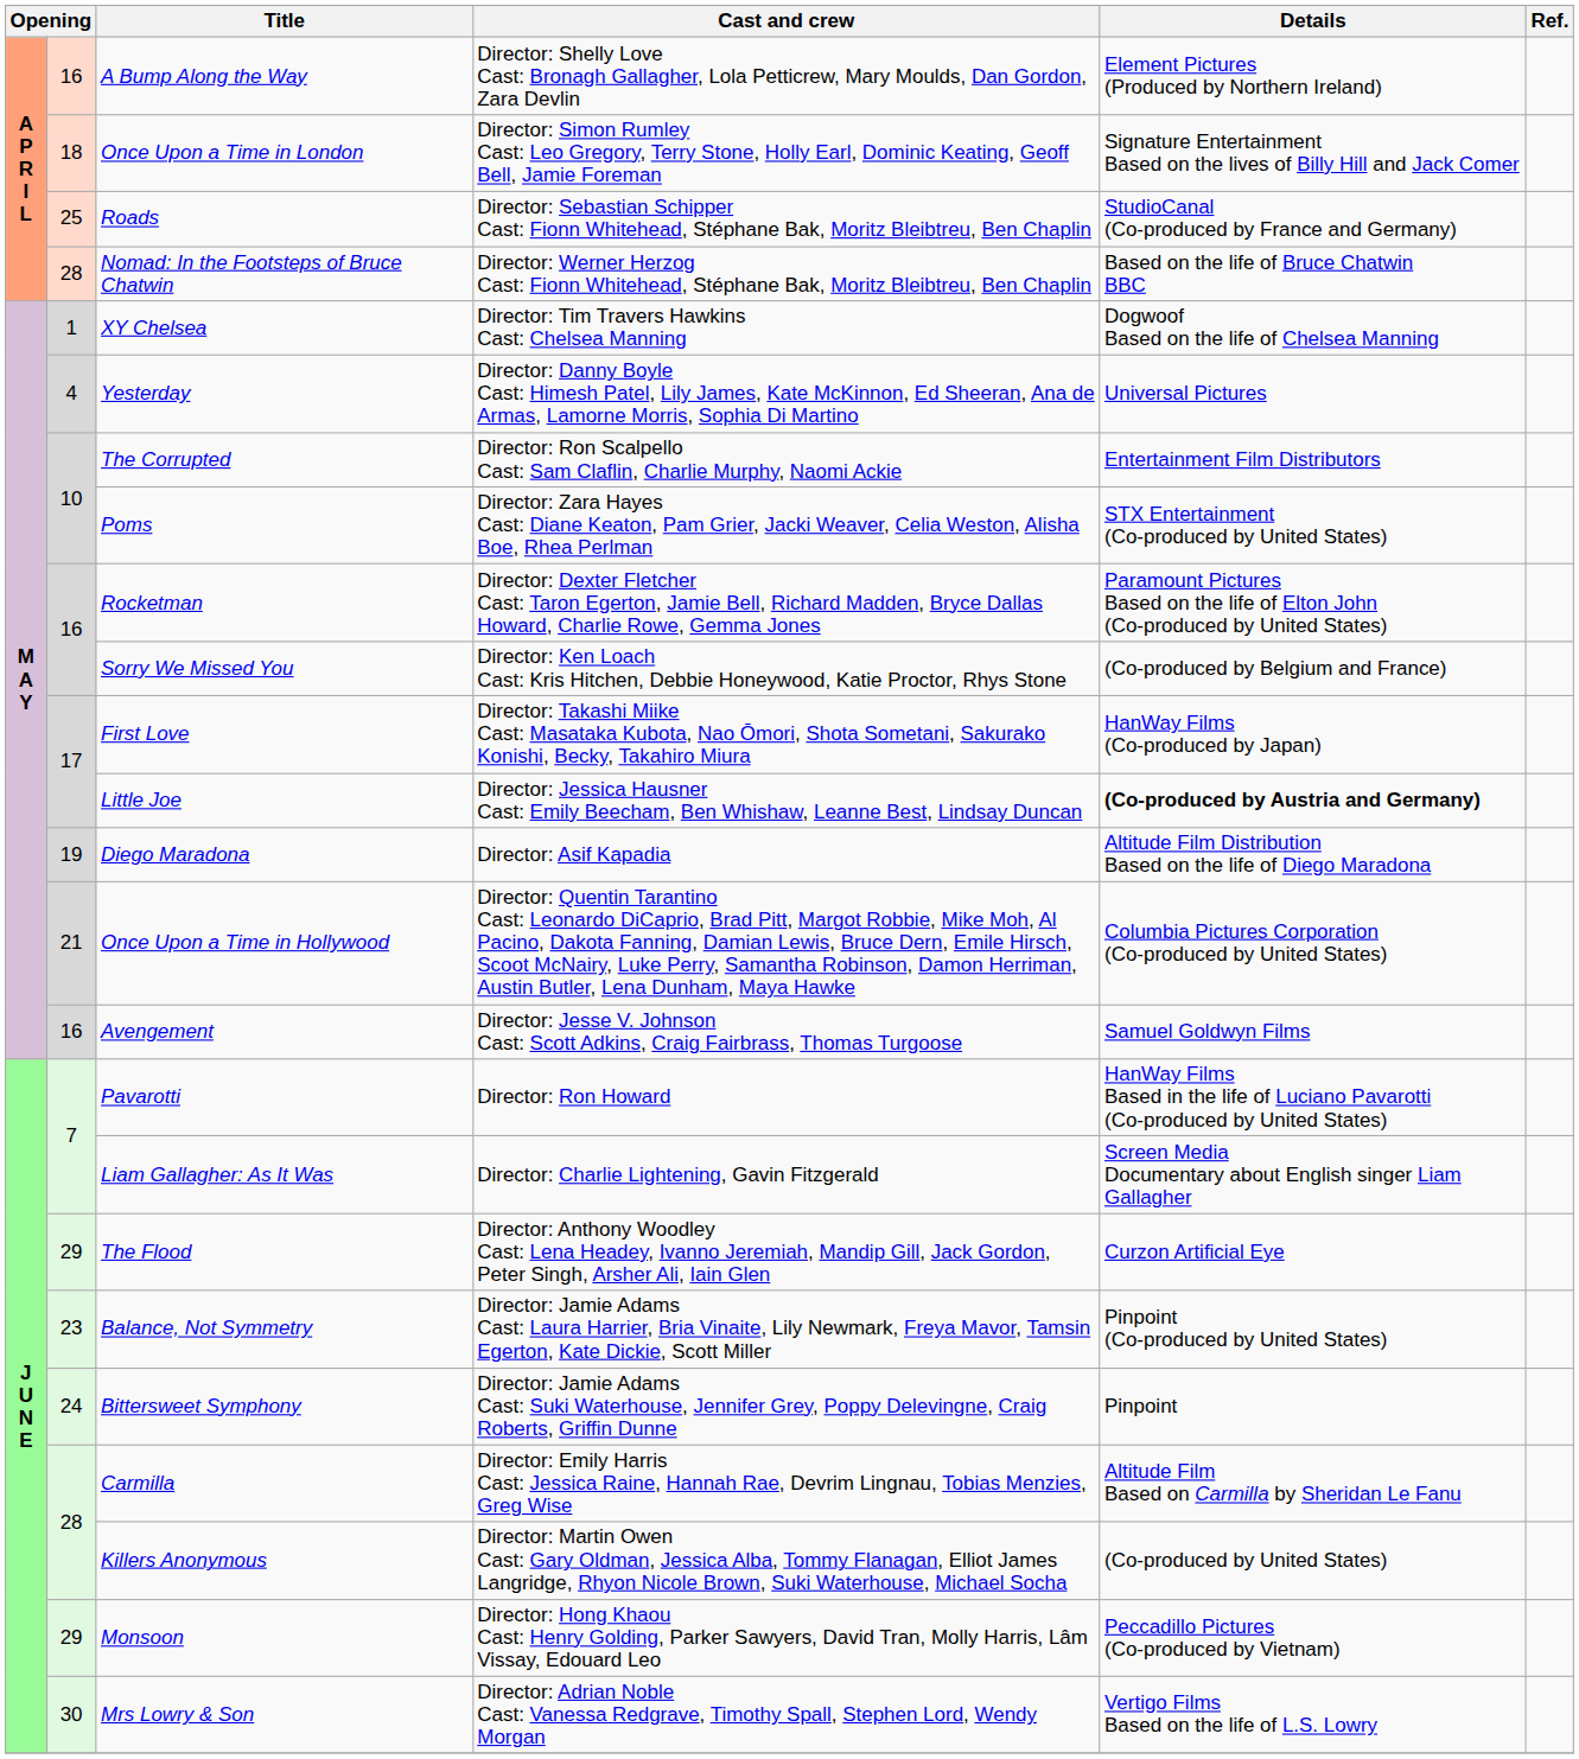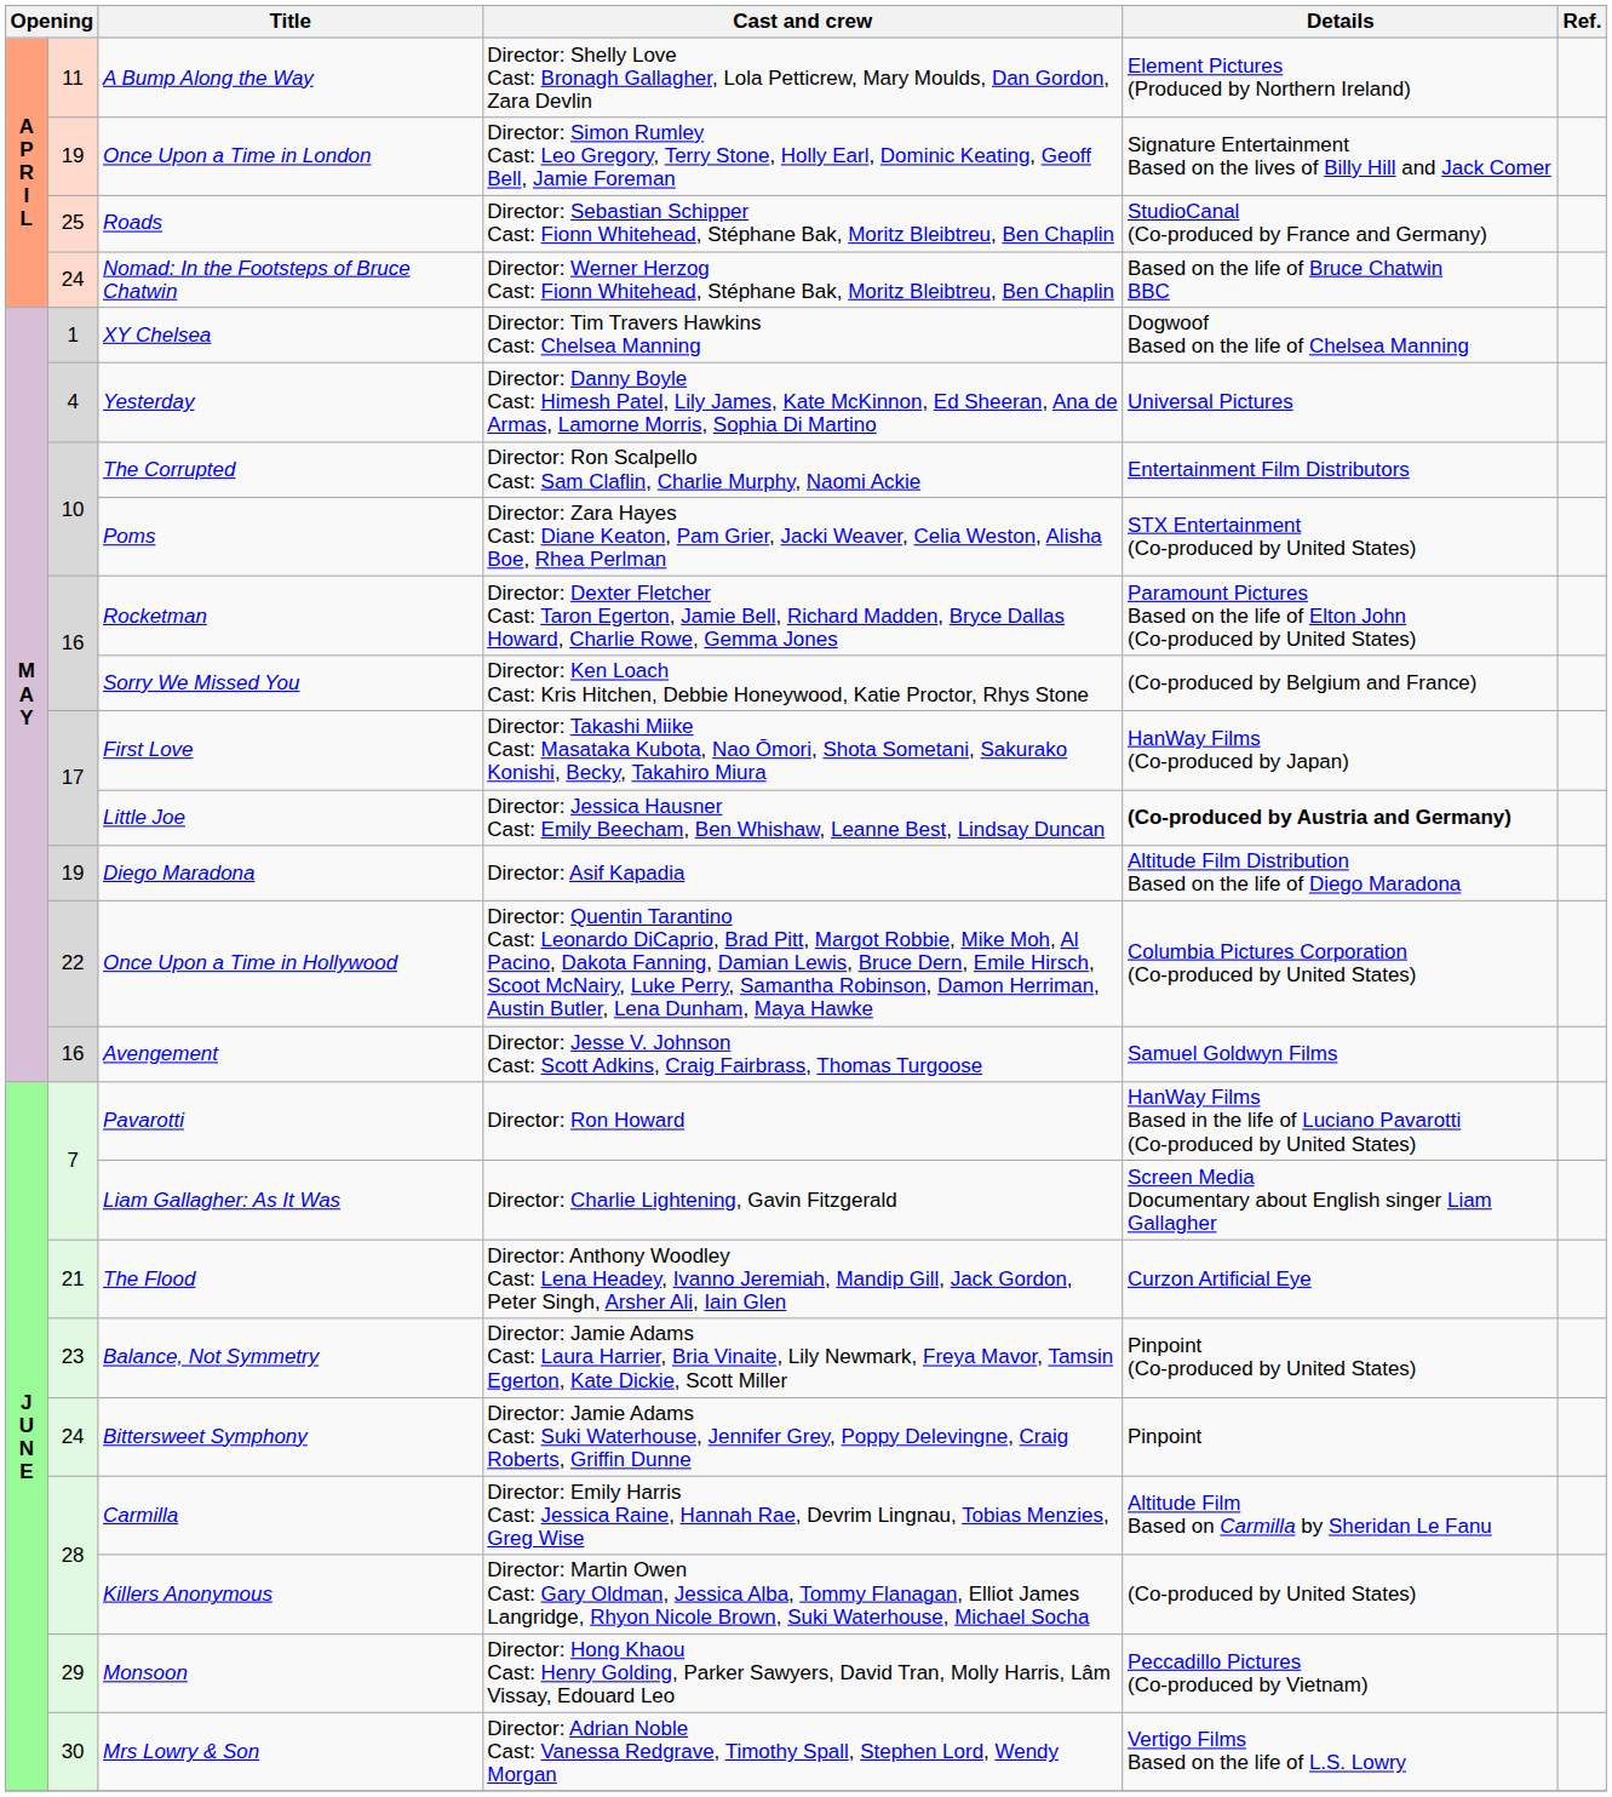 <table class="wikitable">
 <tr style="background:#b0e0e6; text-align:center;">
 <th colspan="2">Opening</th>
 <th style="width:24%;">Title</th>
 <th style="width:40%;">Cast and crew</th>
 <th>Details</th>
 <th style="width:2%;">Ref.</th>
 </tr>
 <tr>
 <th rowspan="4" style="text-align:center; background:#ffa07a; textcolor:#000;">A<br>P<br>R<br>I<br>L</th>
-<td style="text-align:center; background:#ffdacc;">16</td>
+<td style="text-align:center; background:#ffdacc;">11</td>
 <td><em><a href='#'>A Bump Along the Way</a></em></td>
 <td>Director: Shelly Love <br> Cast: <a href='#'>Bronagh Gallagher</a>, Lola Petticrew, Mary Moulds, <a href='#'>Dan Gordon</a>, Zara Devlin</td>
 <td><a href='#'>Element Pictures</a> <br> (Produced by Northern Ireland)</td>
 <td></td>
 </tr>
 <tr>
-<td style="text-align:center; background:#ffdacc;">18</td>
+<td style="text-align:center; background:#ffdacc;">19</td>
 <td><em><a href='#'>Once Upon a Time in London</a></em></td>
 <td>Director: <a href='#'>Simon Rumley</a> <br> Cast: <a href='#'>Leo Gregory</a>, <a href='#'>Terry Stone</a>, <a href='#'>Holly Earl</a>, <a href='#'>Dominic Keating</a>, <a href='#'>Geoff Bell</a>, <a href='#'>Jamie Foreman</a></td>
 <td>Signature Entertainment <br> Based on the lives of <a href='#'>Billy Hill</a> and <a href='#'>Jack Comer</a></td>
 <td style="text-align:center"></td>
 </tr>
 <tr>
 <td style="text-align:center; background:#ffdacc;">25</td>
 <td><em><a href='#'>Roads</a></em></td>
 <td>Director: <a href='#'>Sebastian Schipper</a> <br> Cast: <a href='#'>Fionn Whitehead</a>, Stéphane Bak, <a href='#'>Moritz Bleibtreu</a>, <a href='#'>Ben Chaplin</a></td>
 <td><a href='#'>StudioCanal</a> <br> (Co-produced by France and Germany)</td>
 <td style="text-align:center"></td>
 </tr>
 <tr>
-<td style="text-align:center; background:#ffdacc;">28</td>
+<td style="text-align:center; background:#ffdacc;">24</td>
 <td><em><a href='#'>Nomad: In the Footsteps of Bruce Chatwin</a></em></td>
 <td>Director: <a href='#'>Werner Herzog</a> <br> Cast: <a href='#'>Fionn Whitehead</a>, Stéphane Bak, <a href='#'>Moritz Bleibtreu</a>, <a href='#'>Ben Chaplin</a></td>
 <td>Based on the life of <a href='#'>Bruce Chatwin</a> <br> <a href='#'>BBC</a></td>
 <td style="text-align:center"></td>
 </tr>
 <tr>
 <th rowspan="11" style="text-align:center; background:thistle; textcolor:#000;">M<br>A<br>Y</th>
 <td style="text-align:center; background:#d8d8d8;">1</td>
 <td><em><a href='#'>XY Chelsea</a></em></td>
 <td>Director: Tim Travers Hawkins <br> Cast: <a href='#'>Chelsea Manning</a></td>
 <td>Dogwoof <br> Based on the life of <a href='#'>Chelsea Manning</a></td>
 <td style="text-align:center"></td>
 </tr>
 <tr>
 <td style="text-align:center; background:#d8d8d8;">4</td>
 <td><em><a href='#'>Yesterday</a></em></td>
 <td>Director: <a href='#'>Danny Boyle</a> <br> Cast: <a href='#'>Himesh Patel</a>, <a href='#'>Lily James</a>, <a href='#'>Kate McKinnon</a>, <a href='#'>Ed Sheeran</a>, <a href='#'>Ana de Armas</a>, <a href='#'>Lamorne Morris</a>, <a href='#'>Sophia Di Martino</a></td>
 <td><a href='#'>Universal Pictures</a></td>
 <td style="text-align:center"></td>
 </tr>
 <tr>
 <td rowspan="2" style="text-align:center; background:#d8d8d8;">10</td>
 <td><em><a href='#'>The Corrupted</a></em></td>
 <td>Director: Ron Scalpello <br> Cast: <a href='#'>Sam Claflin</a>, <a href='#'>Charlie Murphy</a>, <a href='#'>Naomi Ackie</a></td>
 <td><a href='#'>Entertainment Film Distributors</a></td>
 <td style="text-align:center"></td>
 </tr>
 <tr>
 <td><em><a href='#'>Poms</a></em></td>
 <td>Director: Zara Hayes <br> Cast: <a href='#'>Diane Keaton</a>, <a href='#'>Pam Grier</a>, <a href='#'>Jacki Weaver</a>, <a href='#'>Celia Weston</a>, <a href='#'>Alisha Boe</a>, <a href='#'>Rhea Perlman</a></td>
 <td><a href='#'>STX Entertainment</a> <br> (Co-produced by United States)</td>
 <td style="text-align:center"></td>
 </tr>
 <tr>
 <td rowspan="2" style="text-align:center; background:#d8d8d8;">16</td>
 <td><em><a href='#'>Rocketman</a></em></td>
 <td>Director: <a href='#'>Dexter Fletcher</a> <br> Cast: <a href='#'>Taron Egerton</a>, <a href='#'>Jamie Bell</a>, <a href='#'>Richard Madden</a>, <a href='#'>Bryce Dallas Howard</a>, <a href='#'>Charlie Rowe</a>, <a href='#'>Gemma Jones</a></td>
 <td><a href='#'>Paramount Pictures</a> <br> Based on the life of <a href='#'>Elton John</a> <br> (Co-produced by United States)</td>
 <td style="text-align:center"></td>
 </tr>
 <tr>
 <td><em><a href='#'>Sorry We Missed You</a></em></td>
 <td>Director: <a href='#'>Ken Loach</a> <br> Cast: Kris Hitchen, Debbie Honeywood, Katie Proctor, Rhys Stone</td>
 <td>(Co-produced by Belgium and France)</td>
 <td style="text-align:center"></td>
 </tr>
 <tr>
 <td rowspan="2" style="text-align:center; background:#d8d8d8;">17</td>
 <td><em><a href='#'>First Love</a></em></td>
 <td>Director: <a href='#'>Takashi Miike</a> <br> Cast: <a href='#'>Masataka Kubota</a>, <a href='#'>Nao Ōmori</a>, <a href='#'>Shota Sometani</a>, <a href='#'>Sakurako Konishi</a>, <a href='#'>Becky</a>, <a href='#'>Takahiro Miura</a></td>
 <td><a href='#'>HanWay Films</a> <br> (Co-produced by Japan)</td>
 <td style="text-align:center"></td>
 </tr>
 <tr>
 <td><em><a href='#'>Little Joe</a></em></td>
 <td>Director: <a href='#'>Jessica Hausner</a> <br> Cast: <a href='#'>Emily Beecham</a>, <a href='#'>Ben Whishaw</a>, <a href='#'>Leanne Best</a>, <a href='#'>Lindsay Duncan</a></td>
 <td><strong>(Co-produced by Austria and Germany)</strong></td>
 <td style="text-align:center"></td>
 </tr>
 <tr>
 <td style="text-align:center; background:#d8d8d8;">19</td>
 <td><em><a href='#'>Diego Maradona</a></em></td>
 <td>Director: <a href='#'>Asif Kapadia</a></td>
 <td><a href='#'>Altitude Film Distribution</a> <br> Based on the life of <a href='#'>Diego Maradona</a></td>
 <td style="text-align:center"></td>
 </tr>
 <tr>
-<td style="text-align:center; background:#d8d8d8;">21</td>
+<td style="text-align:center; background:#d8d8d8;">22</td>
 <td><em><a href='#'>Once Upon a Time in Hollywood</a></em></td>
 <td>Director: <a href='#'>Quentin Tarantino</a> <br> Cast: <a href='#'>Leonardo DiCaprio</a>, <a href='#'>Brad Pitt</a>, <a href='#'>Margot Robbie</a>, <a href='#'>Mike Moh</a>, <a href='#'>Al Pacino</a>, <a href='#'>Dakota Fanning</a>, <a href='#'>Damian Lewis</a>, <a href='#'>Bruce Dern</a>, <a href='#'>Emile Hirsch</a>, <a href='#'>Scoot McNairy</a>, <a href='#'>Luke Perry</a>, <a href='#'>Samantha Robinson</a>, <a href='#'>Damon Herriman</a>, <a href='#'>Austin Butler</a>, <a href='#'>Lena Dunham</a>, <a href='#'>Maya Hawke</a></td>
 <td><a href='#'>Columbia Pictures Corporation</a> <br> (Co-produced by United States)</td>
 <td style="text-align:center"></td>
 </tr>
 <tr>
 <td style="text-align:center; background:#d8d8d8;">16</td>
 <td><em><a href='#'>Avengement</a></em></td>
 <td>Director: <a href='#'>Jesse V. Johnson</a> <br> Cast: <a href='#'>Scott Adkins</a>, <a href='#'>Craig Fairbrass</a>, <a href='#'>Thomas Turgoose</a></td>
 <td><a href='#'>Samuel Goldwyn Films</a></td>
 <td style="text-align:center"></td>
 </tr>
 <tr>
 <th rowspan="9" style="text-align:center; background:#98fb98; textcolor:#000;">J<br>U<br>N<br>E</th>
 <td style="text-align:center; background:#e0f9e0;" rowspan="2">7</td>
 <td><em><a href='#'>Pavarotti</a></em></td>
 <td>Director: <a href='#'>Ron Howard</a></td>
 <td><a href='#'>HanWay Films</a> <br> Based in the life of <a href='#'>Luciano Pavarotti</a> <br> (Co-produced by United States)</td>
 <td style="text-align:center"></td>
 </tr>
 <tr>
 <td><em><a href='#'>Liam Gallagher: As It Was</a></em></td>
 <td>Director: <a href='#'>Charlie Lightening</a>, Gavin Fitzgerald</td>
 <td><a href='#'>Screen Media</a> <br> Documentary about English singer <a href='#'>Liam Gallagher</a></td>
 <td style="text-align:center"></td>
 </tr>
 <tr>
-<td style="text-align:center; background:#e0f9e0;">29</td>
+<td style="text-align:center; background:#e0f9e0;">21</td>
 <td><em><a href='#'>The Flood</a></em></td>
 <td>Director: Anthony Woodley <br> Cast: <a href='#'>Lena Headey</a>, <a href='#'>Ivanno Jeremiah</a>, <a href='#'>Mandip Gill</a>, <a href='#'>Jack Gordon</a>, Peter Singh, <a href='#'>Arsher Ali</a>, <a href='#'>Iain Glen</a></td>
 <td><a href='#'>Curzon Artificial Eye</a></td>
 <td style="text-align:center"></td>
 </tr>
 <tr>
 <td style="text-align:center; background:#e0f9e0;">23</td>
 <td><em><a href='#'>Balance, Not Symmetry</a></em></td>
 <td>Director: Jamie Adams <br> Cast: <a href='#'>Laura Harrier</a>, <a href='#'>Bria Vinaite</a>, Lily Newmark, <a href='#'>Freya Mavor</a>, <a href='#'>Tamsin Egerton</a>, <a href='#'>Kate Dickie</a>, Scott Miller</td>
 <td>Pinpoint <br> (Co-produced by United States)</td>
 <td style="text-align:center"></td>
 </tr>
 <tr>
 <td style="text-align:center; background:#e0f9e0;">24</td>
 <td><em><a href='#'>Bittersweet Symphony</a></em></td>
 <td>Director: Jamie Adams <br> Cast: <a href='#'>Suki Waterhouse</a>, <a href='#'>Jennifer Grey</a>, <a href='#'>Poppy Delevingne</a>, <a href='#'>Craig Roberts</a>, <a href='#'>Griffin Dunne</a></td>
 <td>Pinpoint</td>
 <td style="text-align:center"></td>
 </tr>
 <tr>
 <td rowspan="2" style="text-align:center; background:#e0f9e0;">28</td>
 <td><em><a href='#'>Carmilla</a></em></td>
 <td>Director: Emily Harris <br> Cast: <a href='#'>Jessica Raine</a>, <a href='#'>Hannah Rae</a>, Devrim Lingnau, <a href='#'>Tobias Menzies</a>, <a href='#'>Greg Wise</a></td>
 <td><a href='#'>Altitude Film</a> <br> Based on <em><a href='#'>Carmilla</a></em> by <a href='#'>Sheridan Le Fanu</a></td>
 <td style="text-align:center"></td>
 </tr>
 <tr>
 <td><em><a href='#'>Killers Anonymous</a></em></td>
 <td>Director: Martin Owen <br> Cast: <a href='#'>Gary Oldman</a>, <a href='#'>Jessica Alba</a>, <a href='#'>Tommy Flanagan</a>, Elliot James Langridge, <a href='#'>Rhyon Nicole Brown</a>, <a href='#'>Suki Waterhouse</a>, <a href='#'>Michael Socha</a></td>
 <td>(Co-produced by United States)</td>
 <td style="text-align:center"></td>
 </tr>
 <tr>
 <td style="text-align:center; background:#e0f9e0;">29</td>
 <td><em><a href='#'>Monsoon</a></em></td>
 <td>Director: <a href='#'>Hong Khaou</a> <br> Cast: <a href='#'>Henry Golding</a>, Parker Sawyers, David Tran, Molly Harris, Lâm Vissay, Edouard Leo</td>
 <td><a href='#'>Peccadillo Pictures</a> <br> (Co-produced by Vietnam)</td>
 <td style="text-align:center"></td>
 </tr>
 <tr>
 <td style="text-align:center; background:#e0f9e0;">30</td>
 <td><em><a href='#'>Mrs Lowry & Son</a></em></td>
 <td>Director: <a href='#'>Adrian Noble</a> <br> Cast: <a href='#'>Vanessa Redgrave</a>, <a href='#'>Timothy Spall</a>, <a href='#'>Stephen Lord</a>, <a href='#'>Wendy Morgan</a></td>
 <td><a href='#'>Vertigo Films</a> <br> Based on the life of <a href='#'>L.S. Lowry</a></td>
 <td style="text-align:center"></td>
 </tr>
 <tr>
 </tr>
 </table>
